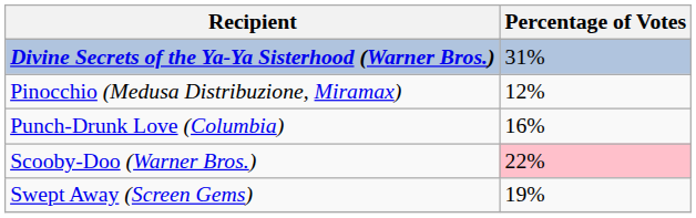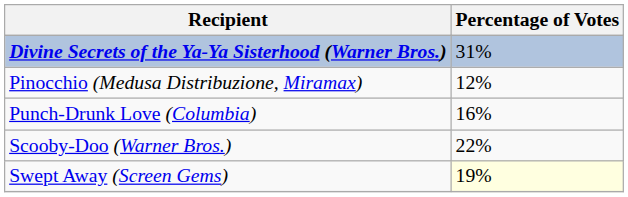 <table class="wikitable sortable plainrowheaders" align="centre">
 <tr>
 <th>Recipient</th>
 <th>Percentage of Votes</th>
 </tr>
 <tr>
 </tr>
 <tr style="background:#B0C4DE;">
 <td><strong><em><a href='#'>Divine Secrets of the Ya-Ya Sisterhood</a><em> (<a href='#'>Warner Bros.</a>)<strong></td>
 <td></strong>31%<strong></td>
 </tr>
 <tr>
 <td></em><a href='#'>Pinocchio</a><em> (Medusa Distribuzione, <a href='#'>Miramax</a>)</td>
 <td>12%</td>
 </tr>
 <tr>
 <td></em><a href='#'>Punch-Drunk Love</a><em> (<a href='#'>Columbia</a>)</td>
 <td>16%</td>
 </tr>
 <tr>
 <td></em><a href='#'>Scooby-Doo</a><em> (<a href='#'>Warner Bros.</a>)</td>
-<td style="background: pink;">22%</td>
+<td>22%</td>
 </tr>
 <tr>
 <td></em><a href='#'>Swept Away</a><em> (<a href='#'>Screen Gems</a>)</td>
-<td>19%</td>
+<td style="background: lightyellow;">19%</td>
 </tr>
 <tr>
 </tr>
 </table>
